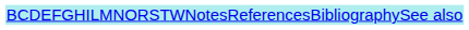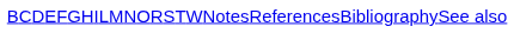 <table id="toc" class="toc" summary="Class" align="center" style="text-align:center;">
 <tr>
 <th></th>
 </tr>
 <tr>
-<td style="background: paleturquoise;"><a href='#'>B</a><a href='#'>C</a><a href='#'>D</a><a href='#'>E</a><a href='#'>F</a><a href='#'>G</a><a href='#'>H</a><a href='#'>I</a><a href='#'>L</a><a href='#'>M</a><a href='#'>N</a><a href='#'>O</a><a href='#'>R</a><a href='#'>S</a><a href='#'>T</a><a href='#'>W</a><a href='#'>Notes</a><a href='#'>References</a><a href='#'>Bibliography</a><a href='#'>See also</a></td>
+<td><a href='#'>B</a><a href='#'>C</a><a href='#'>D</a><a href='#'>E</a><a href='#'>F</a><a href='#'>G</a><a href='#'>H</a><a href='#'>I</a><a href='#'>L</a><a href='#'>M</a><a href='#'>N</a><a href='#'>O</a><a href='#'>R</a><a href='#'>S</a><a href='#'>T</a><a href='#'>W</a><a href='#'>Notes</a><a href='#'>References</a><a href='#'>Bibliography</a><a href='#'>See also</a></td>
 </tr>
 </table>
